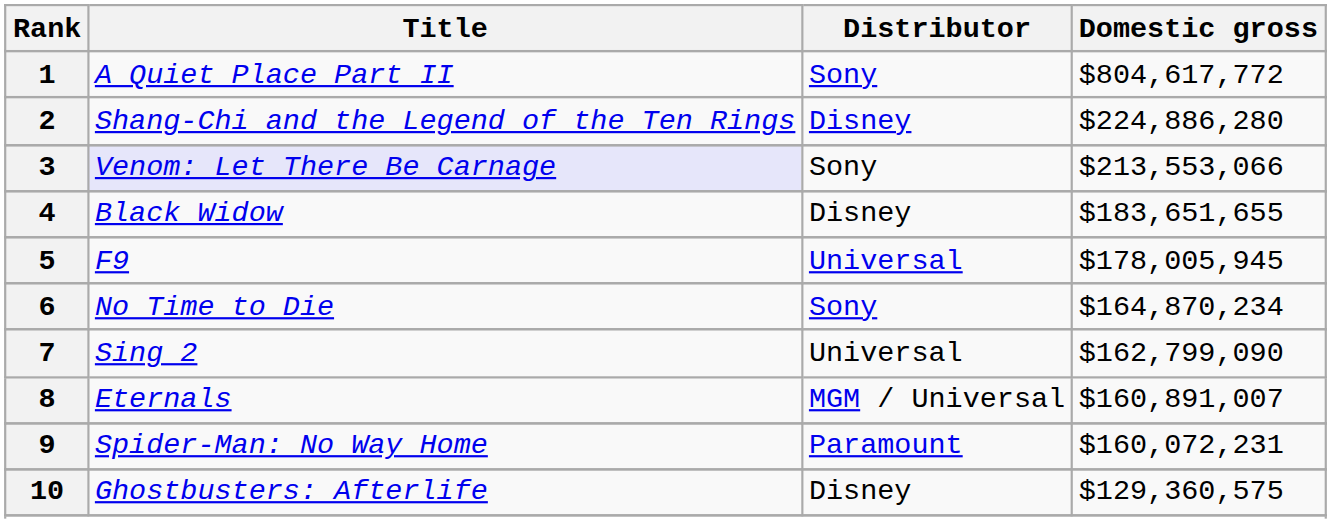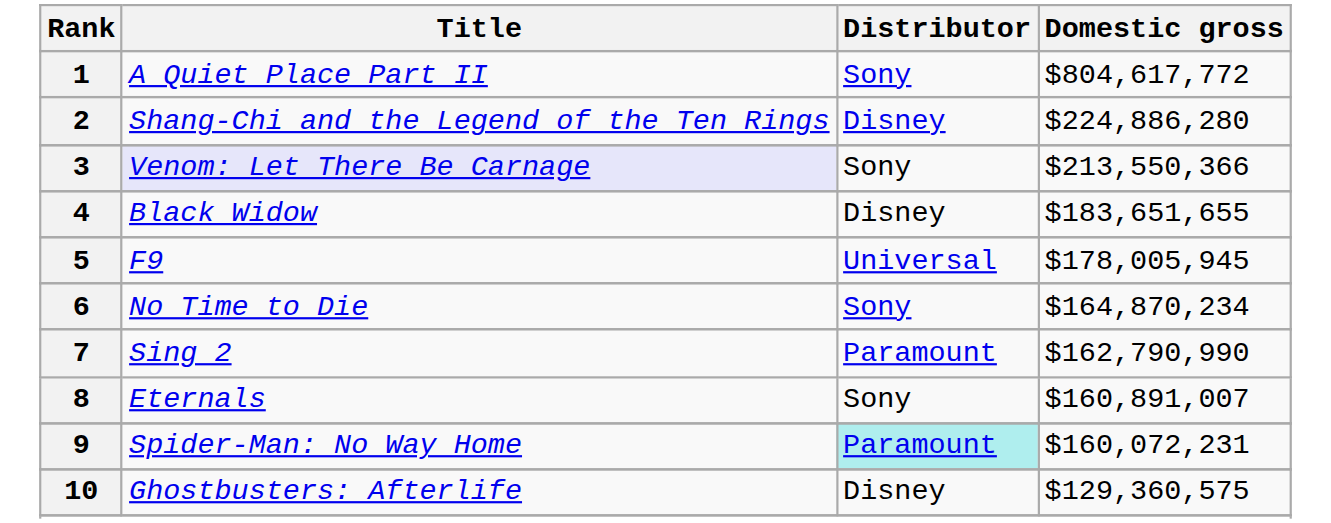 <table class="wikitable" style="margin:auto; margin:auto;">
 <tr>
 <th>Rank</th>
 <th>Title</th>
 <th>Distributor</th>
 <th>Domestic gross</th>
 </tr>
 <tr>
 </tr>
 <tr style="text-align:left; 1">
 <th style="text-align:center;">1</th>
 <td><em><a href='#'>A Quiet Place Part II</a></em></td>
 <td><a href='#'>Sony</a></td>
 <td>$804,617,772</td>
 </tr>
 <tr>
 </tr>
 <tr style="text-align:left; 1 |">
 <th style="text-align:center;">2</th>
 <td><em><a href='#'>Shang-Chi and the Legend of the Ten Rings</a></em></td>
 <td><a href='#'>Disney</a></td>
 <td>$224,886,280</td>
 </tr>
 <tr>
 </tr>
 <tr style="text-align:left" 5 |>
 <th style="text-align: center;">3</th>
 <td style="background: lavender;"><em><a href='#'>Venom: Let There Be Carnage</a></em></td>
 <td>Sony</td>
-<td>$213,553,066</td>
+<td>$213,550,366</td>
 </tr>
 <tr>
 </tr>
 <tr style="text-align:left;" 2>
 <th style="text-align:center;">4</th>
 <td><em><a href='#'>Black Widow</a></em></td>
 <td>Disney</td>
 <td>$183,651,655</td>
 </tr>
 <tr>
 </tr>
 <tr style="text-align:left" 3>
 <th style="text-align:center;">5</th>
 <td><em><a href='#'>F9</a></em></td>
 <td><a href='#'>Universal</a></td>
 <td>$178,005,945</td>
 </tr>
 <tr>
 </tr>
 <tr style="text-align:left" 10>
 <th style="text-align:center;">6</th>
 <td><em><a href='#'>No Time to Die</a></em></td>
 <td><a href='#'>Sony</a></td>
 <td>$164,870,234</td>
 </tr>
 <tr>
 </tr>
 <tr style="text-align:left" 7 |>
 <th style="text-align:center;">7</th>
 <td><em><a href='#'>Sing 2</a></em></td>
-<td>Universal</td>
-<td>$162,799,090</td>
+<td><a href='#'>Paramount</a></td>
+<td>$162,790,990</td>
 </tr>
 <tr>
 <th style="text-align:center;">8</th>
 <td><em><a href='#'>Eternals</a></em></td>
-<td><a href='#'>MGM</a> / Universal</td>
+<td>Sony</td>
 <td>$160,891,007</td>
 </tr>
 <tr>
 </tr>
 <tr style="text-align:left;" 7 |>
 <th style="text-align:center;">9</th>
 <td><em><a href='#'>Spider-Man: No Way Home</a></em></td>
-<td><a href='#'>Paramount</a></td>
+<td style="background: paleturquoise;"><a href='#'>Paramount</a></td>
 <td>$160,072,231</td>
 </tr>
 <tr>
 </tr>
 <tr style="text-align:left; 10 |">
 <th style="text-align:center;">10</th>
 <td><em><a href='#'>Ghostbusters: Afterlife</a></em></td>
 <td>Disney</td>
 <td>$129,360,575</td>
 </tr>
 <tr>
 </tr>
 <tr>
 </tr>
 <tr>
 </tr>
 <tr>
 </tr>
 <tr>
 </tr>
 </table>
